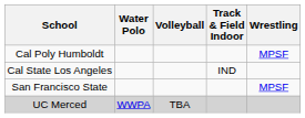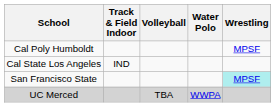 <table class="wikitable" style="text-align:center;">
 <tr>
 <th>School</th>
+<th>Track<br>& Field<br>Indoor</th>
+<th>Volleyball</th>
 <th>Water<br>Polo</th>
-<th>Volleyball</th>
-<th>Track<br>& Field<br>Indoor</th>
 <th>Wrestling</th>
 </tr>
 <tr>
 <td>Cal Poly Humboldt</td>
 <td></td>
 <td></td>
 <td></td>
 <td><a href='#'>MPSF</a></td>
 </tr>
 <tr>
 <td>Cal State Los Angeles</td>
+<td>IND</td>
 <td></td>
 <td></td>
-<td>IND</td>
 <td></td>
 </tr>
 <tr>
 <td>San Francisco State</td>
 <td></td>
 <td></td>
 <td></td>
-<td><a href='#'>MPSF</a></td>
+<td style="background: paleturquoise;"><a href='#'>MPSF</a></td>
 </tr>
 <tr bgcolor=lightgray>
 <td>UC Merced</td>
+<td></td>
+<td>TBA</td>
 <td><a href='#'>WWPA</a></td>
-<td>TBA</td>
-<td></td>
 <td></td>
 </tr>
 </table>
